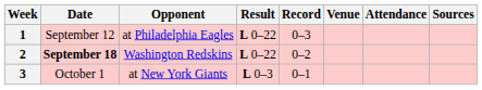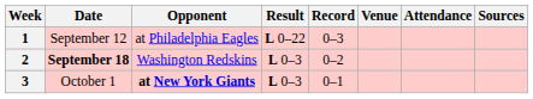 <table class="wikitable" style="text-align:center">
 <tr>
 <th>Week</th>
 <th>Date</th>
 <th>Opponent</th>
 <th>Result</th>
 <th>Record</th>
 <th>Venue</th>
 <th>Attendance</th>
 <th>Sources</th>
 </tr>
 <tr style="background:#fcc">
 <th>1</th>
 <td>September 12</td>
 <td>at <a href='#'>Philadelphia Eagles</a></td>
 <td><strong>L</strong> 0–22</td>
 <td>0–3</td>
 <td></td>
 <td></td>
 <td></td>
 </tr>
 <tr style="background:#fcc">
 <th>2</th>
 <td><strong>September 18</strong></td>
 <td><a href='#'>Washington Redskins</a></td>
-<td><strong>L</strong> 0–22</td>
+<td><strong>L</strong> 0–3</td>
 <td>0–2</td>
 <td></td>
 <td></td>
 <td></td>
 </tr>
 <tr style="background:#fcc">
 <th>3</th>
 <td>October 1</td>
-<td>at <a href='#'>New York Giants</a></td>
+<td><strong>at <a href='#'>New York Giants</a></strong></td>
 <td><strong>L</strong> 0–3</td>
 <td>0–1</td>
 <td></td>
 <td></td>
 <td></td>
 </tr>
 </table>
